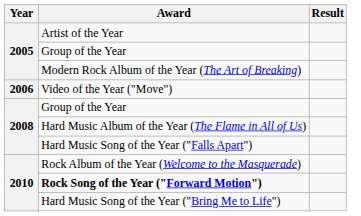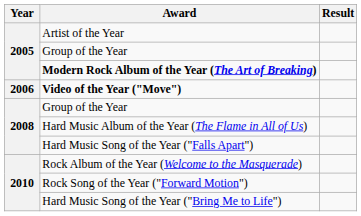 <table class="wikitable">
 <tr>
 <th style="width:10%;">Year</th>
 <th>Award</th>
 <th>Result</th>
 </tr>
 <tr>
 <th rowspan="3">2005</th>
 <td>Artist of the Year</td>
 <td></td>
 </tr>
 <tr>
 <td>Group of the Year</td>
 <td></td>
 </tr>
 <tr>
-<td>Modern Rock Album of the Year (<em><a href='#'>The Art of Breaking</a></em>)</td>
+<td><strong>Modern Rock Album of the Year (<em><a href='#'>The Art of Breaking</a></em>)</strong></td>
 <td></td>
 </tr>
 <tr>
 <th>2006</th>
-<td>Video of the Year ("Move")</td>
+<td><strong>Video of the Year ("Move")</strong></td>
 <td></td>
 </tr>
 <tr>
 <th rowspan="3">2008</th>
 <td>Group of the Year</td>
 <td></td>
 </tr>
 <tr>
 <td>Hard Music Album of the Year (<em><a href='#'>The Flame in All of Us</a></em>)</td>
 <td></td>
 </tr>
 <tr>
 <td>Hard Music Song of the Year ("<a href='#'>Falls Apart</a>")</td>
 <td></td>
 </tr>
 <tr>
 <th rowspan="3">2010</th>
 <td>Rock Album of the Year (<em><a href='#'>Welcome to the Masquerade</a></em>)</td>
 <td></td>
 </tr>
 <tr>
-<td><strong>Rock Song of the Year ("<a href='#'>Forward Motion</a>")</strong></td>
+<td>Rock Song of the Year ("<a href='#'>Forward Motion</a>")</td>
 <td></td>
 </tr>
 <tr>
 <td>Hard Music Song of the Year ("<a href='#'>Bring Me to Life</a>")</td>
 <td></td>
 </tr>
 </table>
